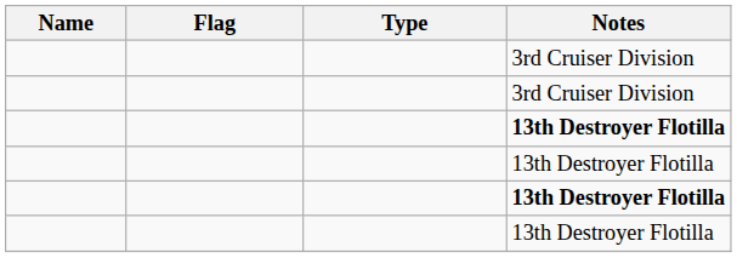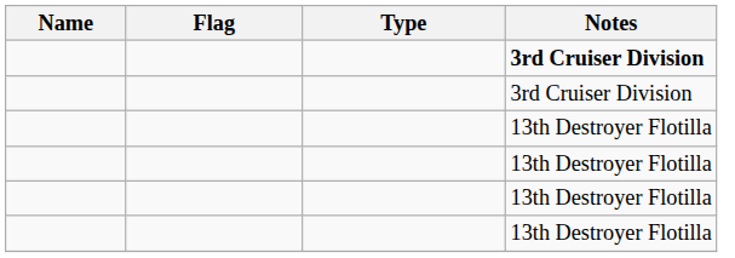 <table class="wikitable sortable">
 <tr>
 <th scope="col" width="80px">Name</th>
 <th scope="col" width="120px">Flag</th>
 <th scope="col" width="140px">Type</th>
 <th>Notes</th>
 </tr>
 <tr>
 <td align="left"></td>
 <td align="left"></td>
 <td align="left"></td>
-<td align="left">3rd Cruiser Division</td>
+<td align="left"><strong>3rd Cruiser Division</strong></td>
 </tr>
 <tr>
 <td align="left"></td>
 <td align="left"></td>
 <td align="left"></td>
 <td align="left">3rd Cruiser Division</td>
 </tr>
 <tr>
 <td align="left"></td>
 <td align="left"></td>
 <td align="left"></td>
-<td align="left"><strong>13th Destroyer Flotilla</strong></td>
+<td align="left">13th Destroyer Flotilla</td>
 </tr>
 <tr>
 <td align="left"></td>
 <td align="left"></td>
 <td align="left"></td>
 <td align="left">13th Destroyer Flotilla</td>
 </tr>
 <tr>
 <td align="left"></td>
 <td align="left"></td>
 <td align="left"></td>
-<td align="left"><strong>13th Destroyer Flotilla</strong></td>
+<td align="left">13th Destroyer Flotilla</td>
 </tr>
 <tr>
 <td align="left"></td>
 <td align="left"></td>
 <td align="left"></td>
 <td align="left">13th Destroyer Flotilla</td>
 </tr>
 <tr>
 </tr>
 </table>
